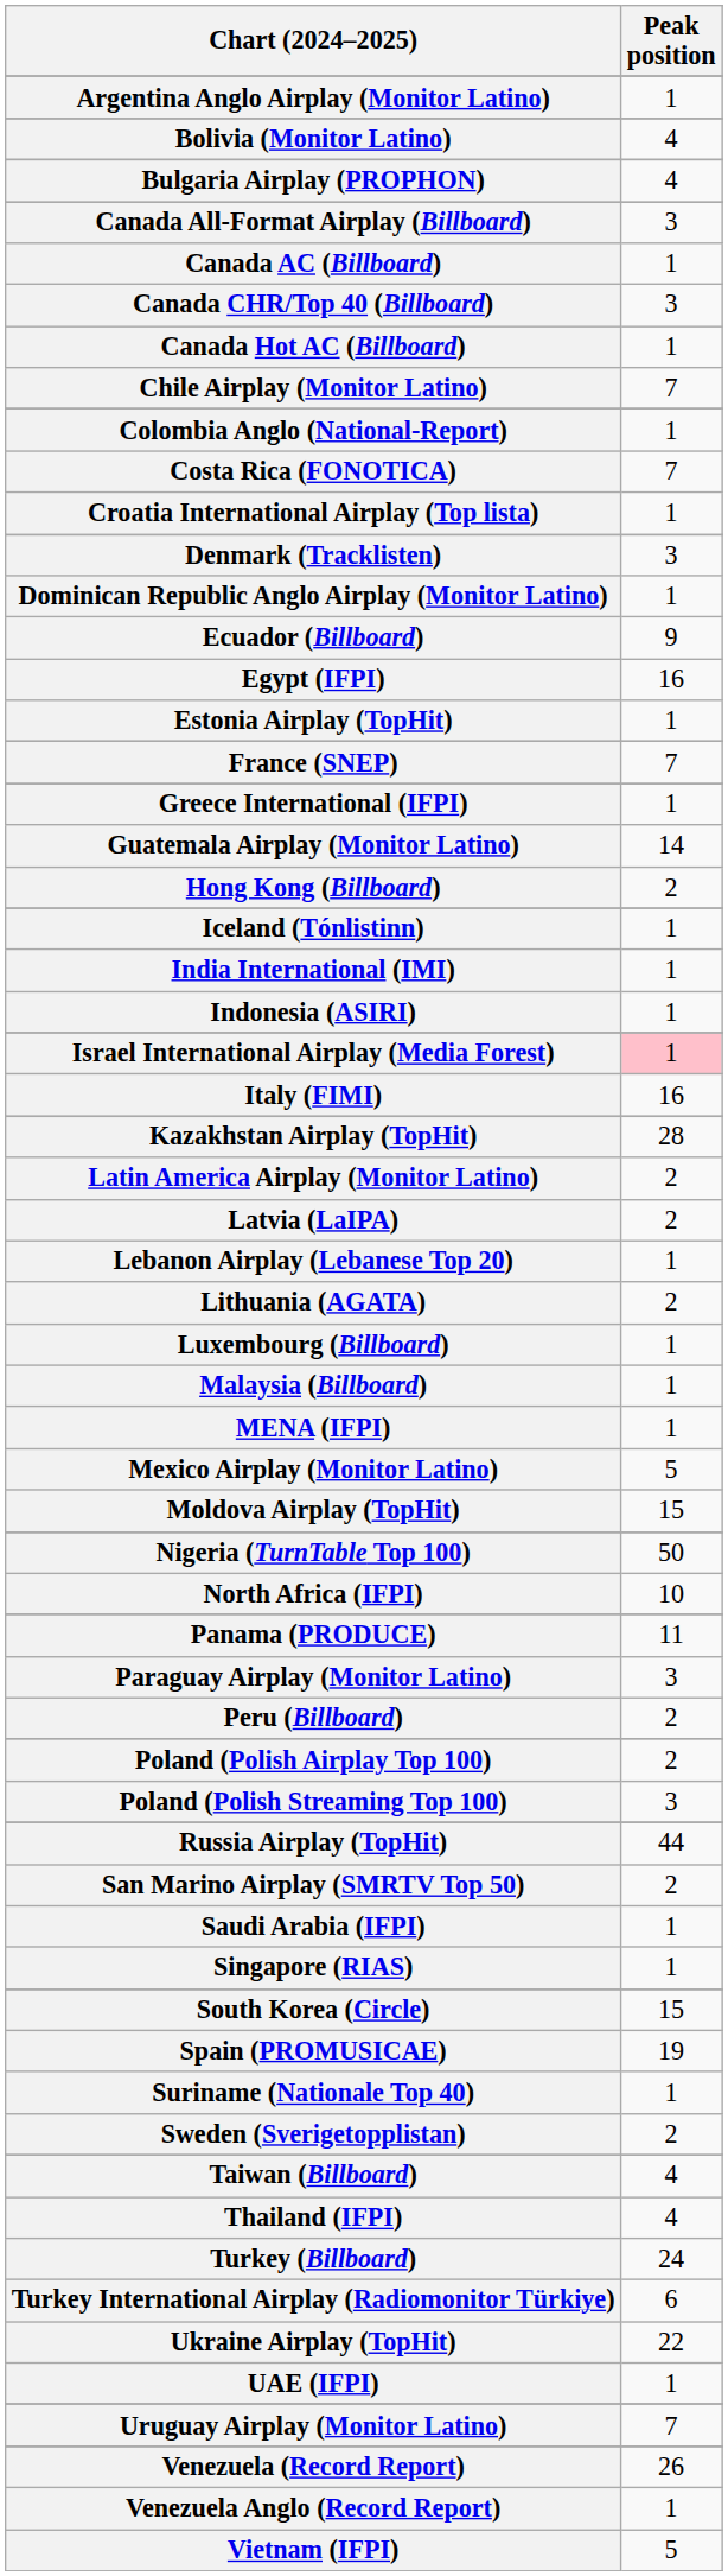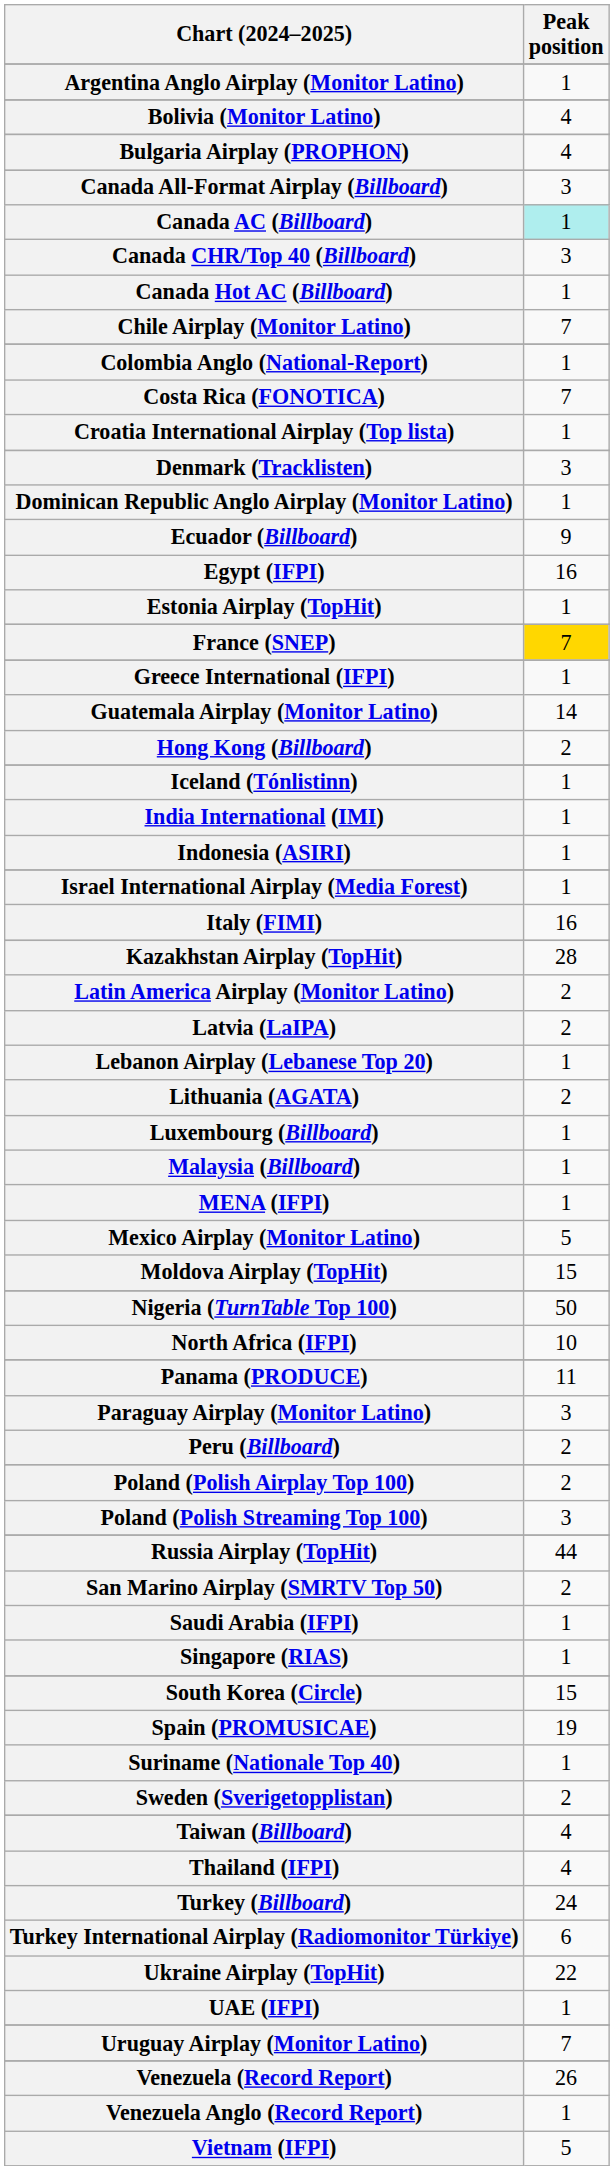 <table class="wikitable sortable plainrowheaders" style="text-align:center">
 <tr>
 <th scope="col">Chart (2024–2025)</th>
 <th scope="col">Peak<br>position</th>
 </tr>
 <tr>
 </tr>
 <tr>
 <th scope="row">Argentina Anglo Airplay (<a href='#'>Monitor Latino</a>)</th>
 <td>1</td>
 </tr>
 <tr>
 </tr>
 <tr>
 </tr>
 <tr>
 </tr>
 <tr>
 </tr>
 <tr>
 <th scope="row">Bolivia (<a href='#'>Monitor Latino</a>)</th>
 <td>4</td>
 </tr>
 <tr>
 </tr>
 <tr>
 <th scope="row">Bulgaria Airplay (<a href='#'>PROPHON</a>)</th>
 <td>4</td>
 </tr>
 <tr>
 </tr>
 <tr>
 <th scope="row">Canada All-Format Airplay (<em><a href='#'>Billboard</a></em>)</th>
 <td>3</td>
 </tr>
 <tr>
 <th scope="row">Canada <a href='#'>AC</a> (<em><a href='#'>Billboard</a></em>)</th>
-<td>1</td>
+<td style="background: paleturquoise;">1</td>
 </tr>
 <tr>
 <th scope="row">Canada <a href='#'>CHR/Top 40</a> (<em><a href='#'>Billboard</a></em>)</th>
 <td>3</td>
 </tr>
 <tr>
 <th scope="row">Canada <a href='#'>Hot AC</a> (<em><a href='#'>Billboard</a></em>)</th>
 <td>1</td>
 </tr>
 <tr>
 <th scope="row">Chile Airplay (<a href='#'>Monitor Latino</a>)</th>
 <td>7</td>
 </tr>
 <tr>
 </tr>
 <tr>
 <th scope="row">Colombia Anglo (<a href='#'>National-Report</a>)</th>
 <td>1</td>
 </tr>
 <tr>
 <th scope="row">Costa Rica (<a href='#'>FONOTICA</a>)</th>
 <td>7</td>
 </tr>
 <tr>
 <th scope="row">Croatia International Airplay (<a href='#'>Top lista</a>)</th>
 <td>1</td>
 </tr>
 <tr>
 </tr>
 <tr>
 </tr>
 <tr>
 <th scope="row">Denmark (<a href='#'>Tracklisten</a>)</th>
 <td>3</td>
 </tr>
 <tr>
 <th scope="row">Dominican Republic Anglo Airplay (<a href='#'>Monitor Latino</a>)</th>
 <td>1</td>
 </tr>
 <tr>
 <th scope="row">Ecuador (<em><a href='#'>Billboard</a></em>)</th>
 <td>9</td>
 </tr>
 <tr>
 <th scope="row">Egypt (<a href='#'>IFPI</a>)</th>
 <td>16</td>
 </tr>
 <tr>
 <th scope="row">Estonia Airplay (<a href='#'>TopHit</a>)</th>
 <td>1</td>
 </tr>
 <tr>
 </tr>
 <tr>
 <th scope="row">France (<a href='#'>SNEP</a>)</th>
-<td>7</td>
+<td style="background: gold;">7</td>
 </tr>
 <tr>
 </tr>
 <tr>
 </tr>
 <tr>
 <th scope="row">Greece International (<a href='#'>IFPI</a>)</th>
 <td>1</td>
 </tr>
 <tr>
 <th scope="row">Guatemala Airplay (<a href='#'>Monitor Latino</a>)</th>
 <td>14</td>
 </tr>
 <tr>
 <th scope="row"><a href='#'>Hong Kong</a> (<em><a href='#'>Billboard</a></em>)</th>
 <td>2</td>
 </tr>
 <tr>
 </tr>
 <tr>
 </tr>
 <tr>
 <th scope="row">Iceland (<a href='#'>Tónlistinn</a>)</th>
 <td>1</td>
 </tr>
 <tr>
 <th scope="row"><a href='#'>India International</a> (<a href='#'>IMI</a>)</th>
 <td>1</td>
 </tr>
 <tr>
 <th scope="row">Indonesia (<a href='#'>ASIRI</a>)</th>
 <td>1</td>
 </tr>
 <tr>
 </tr>
 <tr>
 <th scope="row">Israel International Airplay (<a href='#'>Media Forest</a>)</th>
-<td style="background: pink;">1</td>
+<td>1</td>
 </tr>
 <tr>
 <th scope="row">Italy (<a href='#'>FIMI</a>)</th>
 <td>16</td>
 </tr>
 <tr>
 </tr>
 <tr>
 <th scope="row">Kazakhstan Airplay (<a href='#'>TopHit</a>)</th>
 <td>28</td>
 </tr>
 <tr>
 <th scope="row"><a href='#'>Latin America</a> Airplay (<a href='#'>Monitor Latino</a>)</th>
 <td>2</td>
 </tr>
 <tr>
 <th scope="row">Latvia (<a href='#'>LaIPA</a>)</th>
 <td>2</td>
 </tr>
 <tr>
 <th scope="row">Lebanon Airplay (<a href='#'>Lebanese Top 20</a>)</th>
 <td>1</td>
 </tr>
 <tr>
 <th scope="row">Lithuania (<a href='#'>AGATA</a>)</th>
 <td>2</td>
 </tr>
 <tr>
 <th scope="row">Luxembourg (<em><a href='#'>Billboard</a></em>)</th>
 <td>1</td>
 </tr>
 <tr>
 <th scope="row"><a href='#'>Malaysia</a> (<em><a href='#'>Billboard</a></em>)</th>
 <td>1</td>
 </tr>
 <tr>
 <th scope="row"><a href='#'>MENA</a> (<a href='#'>IFPI</a>)</th>
 <td>1</td>
 </tr>
 <tr>
 <th scope="row">Mexico Airplay (<a href='#'>Monitor Latino</a>)</th>
 <td>5</td>
 </tr>
 <tr>
 <th scope="row">Moldova Airplay (<a href='#'>TopHit</a>)</th>
 <td>15</td>
 </tr>
 <tr>
 </tr>
 <tr>
 </tr>
 <tr>
 </tr>
 <tr>
 <th scope="row">Nigeria (<a href='#'><em>TurnTable</em> Top 100</a>)</th>
 <td>50</td>
 </tr>
 <tr>
 <th scope="row">North Africa (<a href='#'>IFPI</a>)</th>
 <td>10</td>
 </tr>
 <tr>
 </tr>
 <tr>
 <th scope="row">Panama (<a href='#'>PRODUCE</a>)</th>
 <td>11</td>
 </tr>
 <tr>
 <th scope="row">Paraguay Airplay (<a href='#'>Monitor Latino</a>)</th>
 <td>3</td>
 </tr>
 <tr>
 <th scope="row">Peru (<em><a href='#'>Billboard</a></em>)</th>
 <td>2</td>
 </tr>
 <tr>
 </tr>
 <tr>
 <th scope="row">Poland (<a href='#'>Polish Airplay Top 100</a>)</th>
 <td>2</td>
 </tr>
 <tr>
 <th scope="row">Poland (<a href='#'>Polish Streaming Top 100</a>)</th>
 <td>3</td>
 </tr>
 <tr>
 </tr>
 <tr>
 </tr>
 <tr>
 </tr>
 <tr>
 <th scope="row">Russia Airplay (<a href='#'>TopHit</a>)</th>
 <td>44</td>
 </tr>
 <tr>
 <th scope="row">San Marino Airplay (<a href='#'>SMRTV Top 50</a>)</th>
 <td>2</td>
 </tr>
 <tr>
 <th scope="row">Saudi Arabia (<a href='#'>IFPI</a>)</th>
 <td>1</td>
 </tr>
 <tr>
 <th scope="row">Singapore (<a href='#'>RIAS</a>)</th>
 <td>1</td>
 </tr>
 <tr>
 </tr>
 <tr>
 </tr>
 <tr>
 </tr>
 <tr>
 <th scope="row">South Korea (<a href='#'>Circle</a>)</th>
 <td>15</td>
 </tr>
 <tr>
 <th scope="row">Spain (<a href='#'>PROMUSICAE</a>)</th>
 <td>19</td>
 </tr>
 <tr>
 <th scope="row">Suriname (<a href='#'>Nationale Top 40</a>)</th>
 <td>1</td>
 </tr>
 <tr>
 <th scope="row">Sweden (<a href='#'>Sverigetopplistan</a>)</th>
 <td>2</td>
 </tr>
 <tr>
 </tr>
 <tr>
 <th scope="row">Taiwan (<em><a href='#'>Billboard</a></em>)</th>
 <td>4</td>
 </tr>
 <tr>
 <th scope="row">Thailand (<a href='#'>IFPI</a>)</th>
 <td>4</td>
 </tr>
 <tr>
 <th scope="row">Turkey (<em><a href='#'>Billboard</a></em>)</th>
 <td>24</td>
 </tr>
 <tr>
 <th scope="row">Turkey International Airplay (<a href='#'>Radiomonitor Türkiye</a>)</th>
 <td>6</td>
 </tr>
 <tr>
 <th scope="row">Ukraine Airplay (<a href='#'>TopHit</a>)</th>
 <td>22</td>
 </tr>
 <tr>
 <th scope="row">UAE (<a href='#'>IFPI</a>)</th>
 <td>1</td>
 </tr>
 <tr>
 </tr>
 <tr>
 <th scope="row">Uruguay Airplay (<a href='#'>Monitor Latino</a>)</th>
 <td>7</td>
 </tr>
 <tr>
 </tr>
 <tr>
 </tr>
 <tr>
 </tr>
 <tr>
 </tr>
 <tr>
 </tr>
 <tr>
 </tr>
 <tr>
 <th scope="row">Venezuela (<a href='#'>Record Report</a>)</th>
 <td>26</td>
 </tr>
 <tr>
 <th scope="row">Venezuela Anglo (<a href='#'>Record Report</a>)</th>
 <td>1</td>
 </tr>
 <tr>
 <th scope="row"><a href='#'>Vietnam</a> (<a href='#'>IFPI</a>)</th>
 <td>5</td>
 </tr>
 </table>
